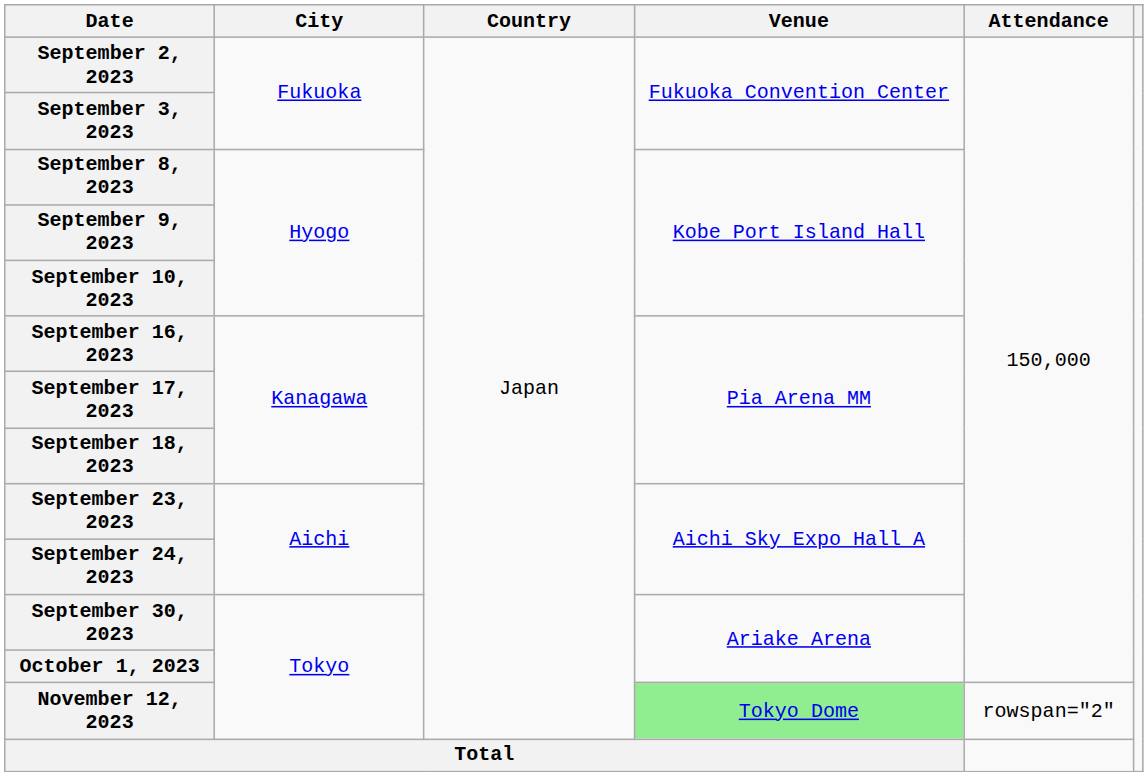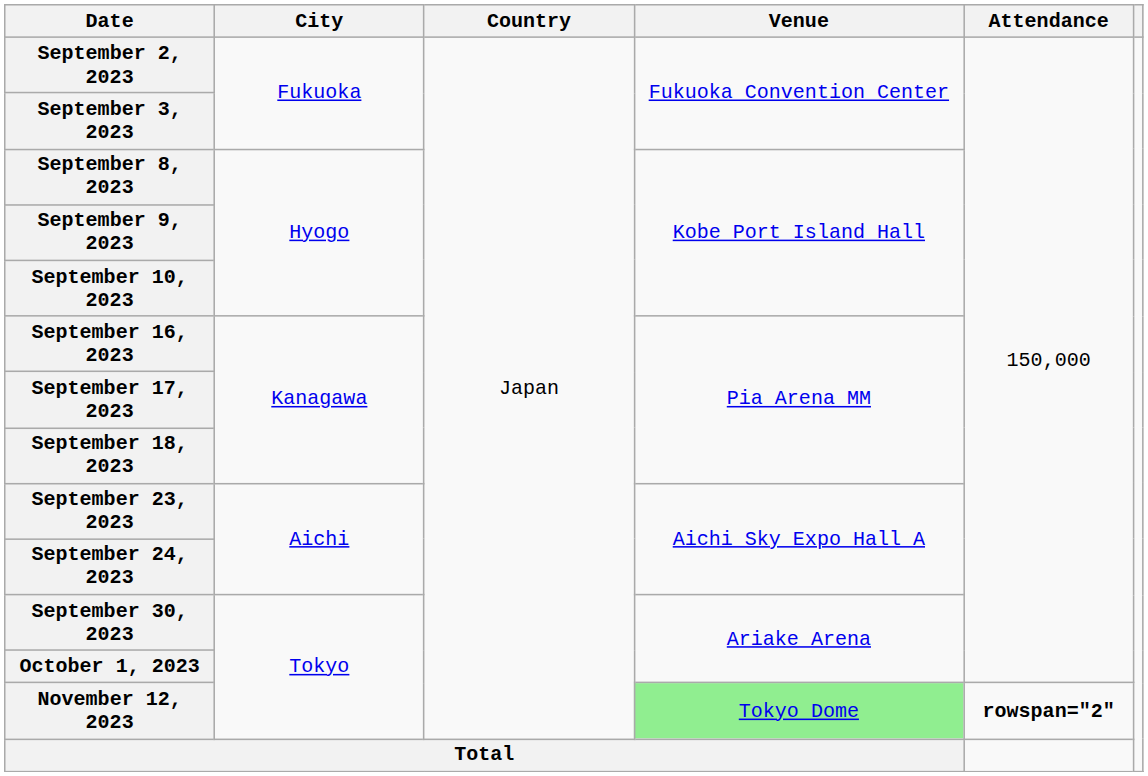 <table class="wikitable sortable plainrowheaders" style="text-align:center;">
 <tr>
 <th style="width:10em;">Date</th>
 <th style="width:10em;">City</th>
 <th style="width:10em;">Country</th>
 <th style="width:16em;">Venue</th>
 <th style="width:8em;">Attendance</th>
 <th scope="col" class="unsortable"></th>
 </tr>
 <tr>
 <th scope="row" style="text-align:center">September 2, 2023</th>
 <td rowspan="2"><a href='#'>Fukuoka</a></td>
 <td rowspan="13">Japan</td>
 <td rowspan="2"><a href='#'>Fukuoka Convention Center</a></td>
 <td rowspan="12">150,000</td>
 <td rowspan="14"></td>
 </tr>
 <tr>
 <th scope="row" style="text-align:center">September 3, 2023</th>
 </tr>
 <tr>
 <th scope="row" style="text-align:center">September 8, 2023</th>
 <td rowspan="3"><a href='#'>Hyogo</a></td>
 <td rowspan="3"><a href='#'>Kobe Port Island Hall</a></td>
 </tr>
 <tr>
 <th scope="row" style="text-align:center">September 9, 2023</th>
 </tr>
 <tr>
 <th scope="row" style="text-align:center">September 10, 2023</th>
 </tr>
 <tr>
 <th scope="row" style="text-align:center">September 16, 2023</th>
 <td rowspan="3"><a href='#'>Kanagawa</a></td>
 <td rowspan="3"><a href='#'>Pia Arena MM</a></td>
 </tr>
 <tr>
 <th scope="row" style="text-align:center">September 17, 2023</th>
 </tr>
 <tr>
 <th scope="row" style="text-align:center">September 18, 2023</th>
 </tr>
 <tr>
 <th scope="row" style="text-align:center">September 23, 2023</th>
 <td rowspan="2"><a href='#'>Aichi</a></td>
 <td rowspan="2"><a href='#'>Aichi Sky Expo Hall A</a></td>
 </tr>
 <tr>
 <th scope="row" style="text-align:center">September 24, 2023</th>
 </tr>
 <tr>
 <th scope="row" style="text-align:center">September 30, 2023</th>
 <td rowspan="3"><a href='#'>Tokyo</a></td>
 <td rowspan="2"><a href='#'>Ariake Arena</a></td>
 </tr>
 <tr>
 <th scope="row" style="text-align:center">October 1, 2023</th>
 </tr>
 <tr>
 <th scope="row" style="text-align:center">November 12, 2023</th>
 <td style="background: lightgreen;"><a href='#'>Tokyo Dome</a></td>
-<td>rowspan="2" </td>
+<td><strong>rowspan="2" </strong></td>
 </tr>
 <tr>
 <th colspan="4">Total</th>
 </tr>
 <tr>
 </tr>
 </table>
